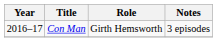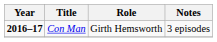 <table class="wikitable sortable">
 <tr>
 <th>Year</th>
 <th>Title</th>
 <th>Role</th>
 <th>Notes</th>
 </tr>
 <tr>
-<td>2016–17</td>
+<td><strong>2016–17</strong></td>
 <td><em><a href='#'>Con Man</a></em></td>
 <td>Girth Hemsworth</td>
 <td>3 episodes</td>
 </tr>
 <tr>
 </tr>
 </table>
